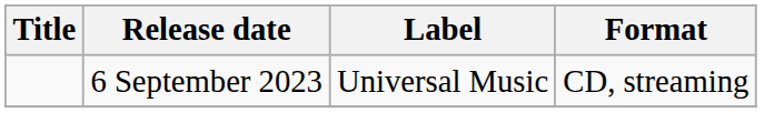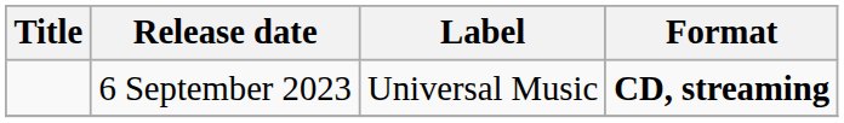 <table class="wikitable">
 <tr>
 <th>Title</th>
 <th>Release date</th>
 <th>Label</th>
 <th>Format</th>
 </tr>
 <tr>
 <td></td>
 <td>6 September 2023</td>
 <td>Universal Music</td>
-<td>CD, streaming</td>
+<td><strong>CD, streaming</strong></td>
 </tr>
 <tr>
 </tr>
 </table>
